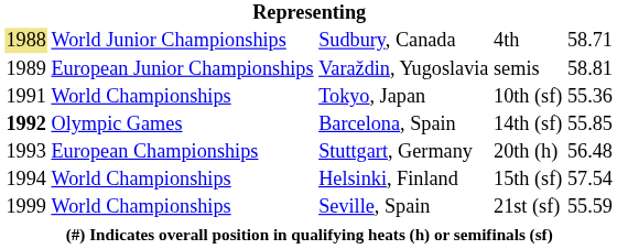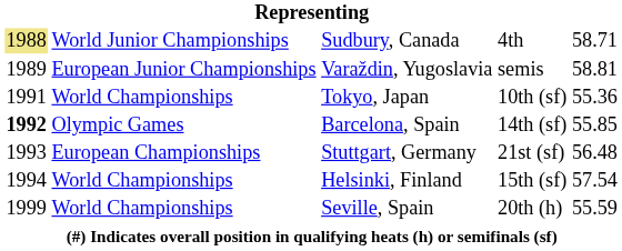 <table>
 <tr>
 <th colspan=6>Representing </th>
 </tr>
 <tr>
 <td style="background: khaki;">1988</td>
 <td><a href='#'>World Junior Championships</a></td>
 <td><a href='#'>Sudbury</a>, Canada</td>
 <td>4th</td>
 <td>58.71</td>
 </tr>
 <tr>
 <td>1989</td>
 <td><a href='#'>European Junior Championships</a></td>
 <td><a href='#'>Varaždin</a>, Yugoslavia</td>
 <td>semis</td>
 <td>58.81</td>
 </tr>
 <tr>
 <td>1991</td>
 <td><a href='#'>World Championships</a></td>
 <td><a href='#'>Tokyo</a>, Japan</td>
 <td>10th (sf)</td>
 <td>55.36</td>
 </tr>
 <tr>
 <td><strong>1992</strong></td>
 <td><a href='#'>Olympic Games</a></td>
 <td><a href='#'>Barcelona</a>, Spain</td>
 <td>14th (sf)</td>
 <td>55.85</td>
 </tr>
 <tr>
 <td>1993</td>
 <td><a href='#'>European Championships</a></td>
 <td><a href='#'>Stuttgart</a>, Germany</td>
-<td>20th (h)</td>
+<td>21st (sf)</td>
 <td>56.48</td>
 </tr>
 <tr>
 <td>1994</td>
 <td><a href='#'>World Championships</a></td>
 <td><a href='#'>Helsinki</a>, Finland</td>
 <td>15th (sf)</td>
 <td>57.54</td>
 </tr>
 <tr>
 <td>1999</td>
 <td><a href='#'>World Championships</a></td>
 <td><a href='#'>Seville</a>, Spain</td>
-<td>21st (sf)</td>
+<td>20th (h)</td>
 <td>55.59</td>
 </tr>
 <tr>
 <th colspan=6><small><strong> (#) Indicates overall position in qualifying heats (h) or semifinals (sf)</strong></small></th>
 </tr>
 </table>
